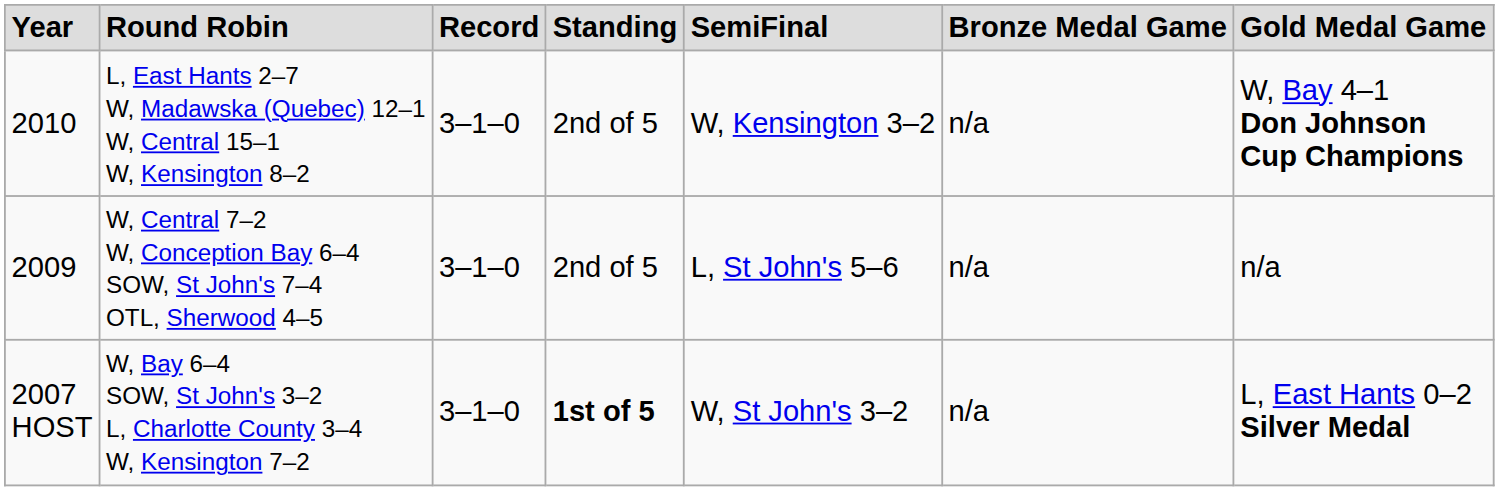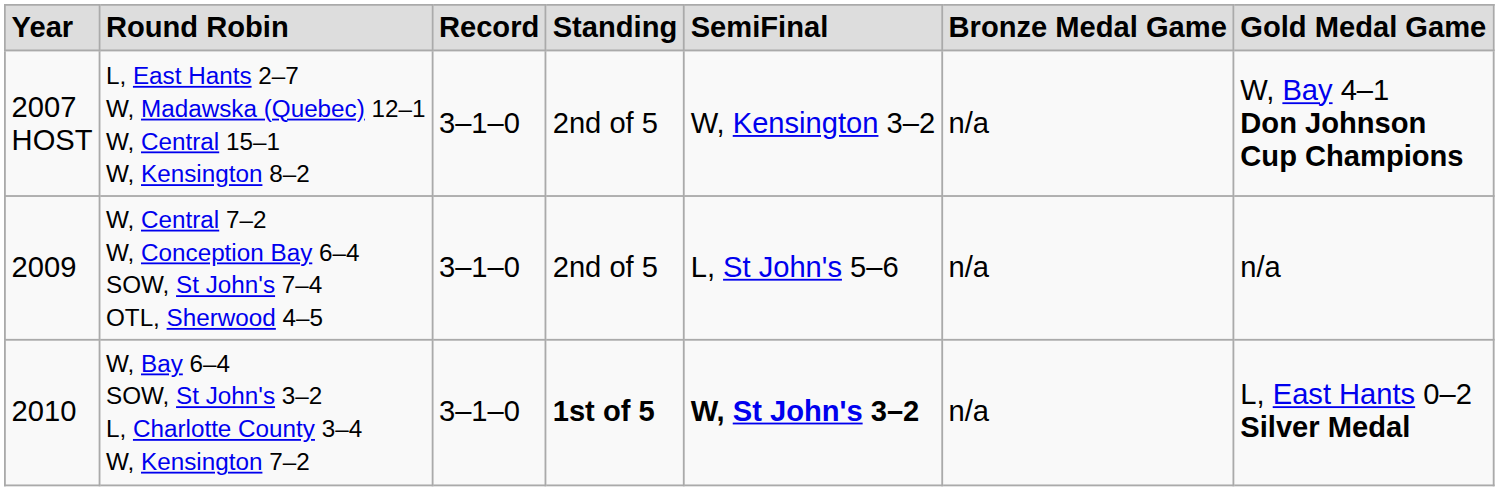 <table class="wikitable">
 <tr style="font-weight:bold; background-color:#dddddd;" |>
 <td>Year</td>
 <td>Round Robin</td>
 <td>Record</td>
 <td>Standing</td>
 <td>SemiFinal</td>
 <td>Bronze Medal Game</td>
 <td>Gold Medal Game</td>
 </tr>
 <tr>
-<td>2010</td>
+<td>2007<br>HOST</td>
 <td><small>L, <a href='#'>East Hants</a> 2–7 <br>W, <a href='#'>Madawska (Quebec)</a> 12–1<br>W, <a href='#'>Central</a> 15–1<br>W, <a href='#'>Kensington</a> 8–2</small></td>
 <td>3–1–0</td>
 <td>2nd of 5</td>
 <td>W, <a href='#'>Kensington</a> 3–2</td>
 <td>n/a</td>
 <td>W, <a href='#'>Bay</a> 4–1<br><strong>Don Johnson<br>Cup Champions</strong></td>
 </tr>
 <tr>
 <td>2009</td>
 <td><small>W, <a href='#'>Central</a> 7–2 <br>W, <a href='#'>Conception Bay</a> 6–4<br>SOW, <a href='#'>St John's</a> 7–4<br>OTL, <a href='#'>Sherwood</a> 4–5</small></td>
 <td>3–1–0</td>
 <td>2nd of 5</td>
 <td>L, <a href='#'>St John's</a> 5–6</td>
 <td>n/a</td>
 <td>n/a</td>
 </tr>
 <tr>
-<td>2007<br>HOST</td>
+<td>2010</td>
 <td><small> W, <a href='#'>Bay</a> 6–4<br>SOW, <a href='#'>St John's</a> 3–2<br>L, <a href='#'>Charlotte County</a> 3–4<br>W, <a href='#'>Kensington</a> 7–2</small></td>
 <td>3–1–0</td>
 <td><strong>1st of 5</strong></td>
-<td>W, <a href='#'>St John's</a> 3–2</td>
+<td><strong>W, <a href='#'>St John's</a> 3–2</strong></td>
 <td>n/a</td>
 <td>L, <a href='#'>East Hants</a> 0–2<br><strong>Silver Medal</strong></td>
 </tr>
 </table>
